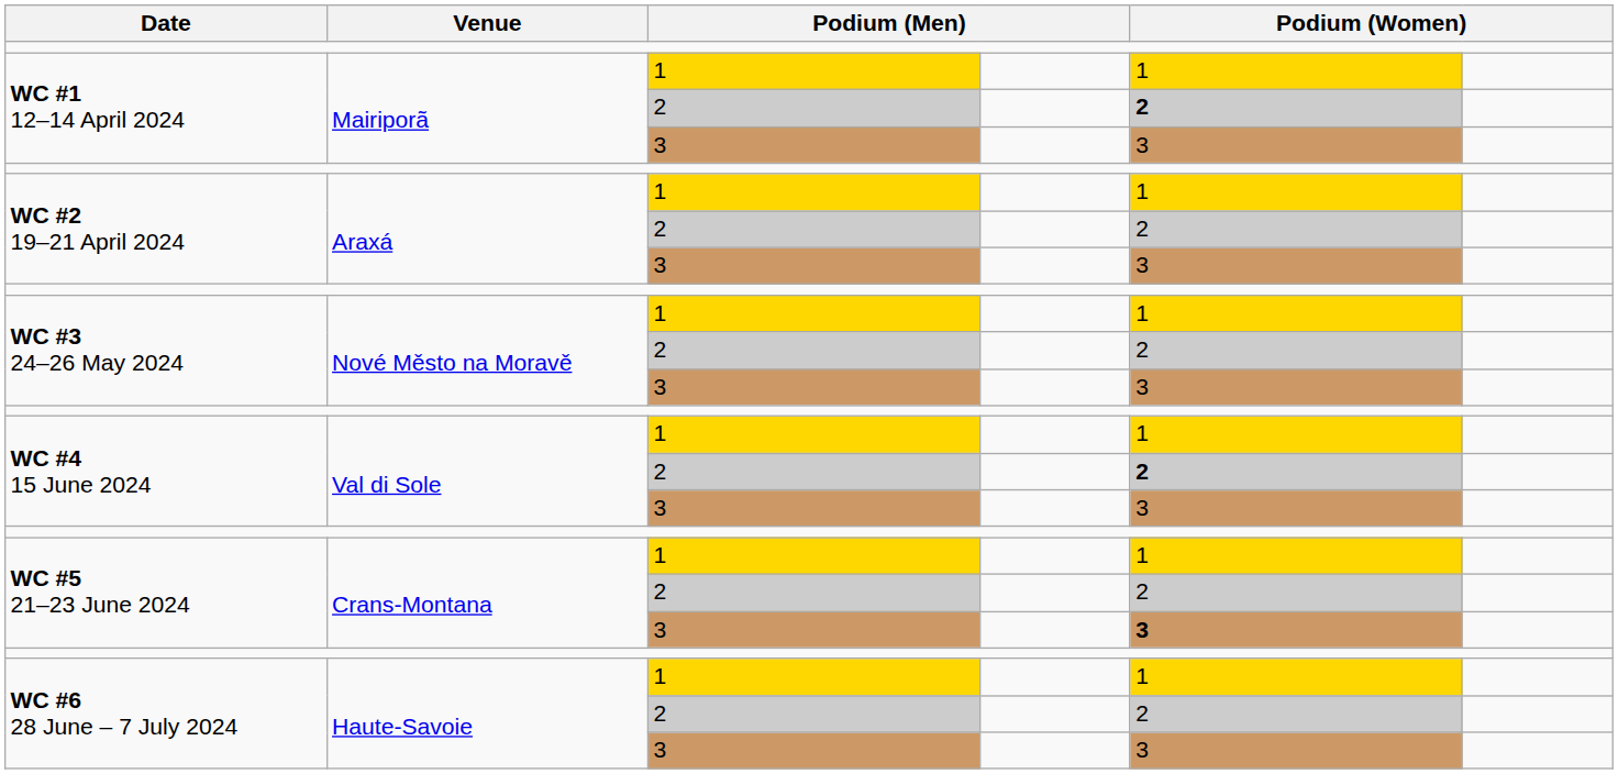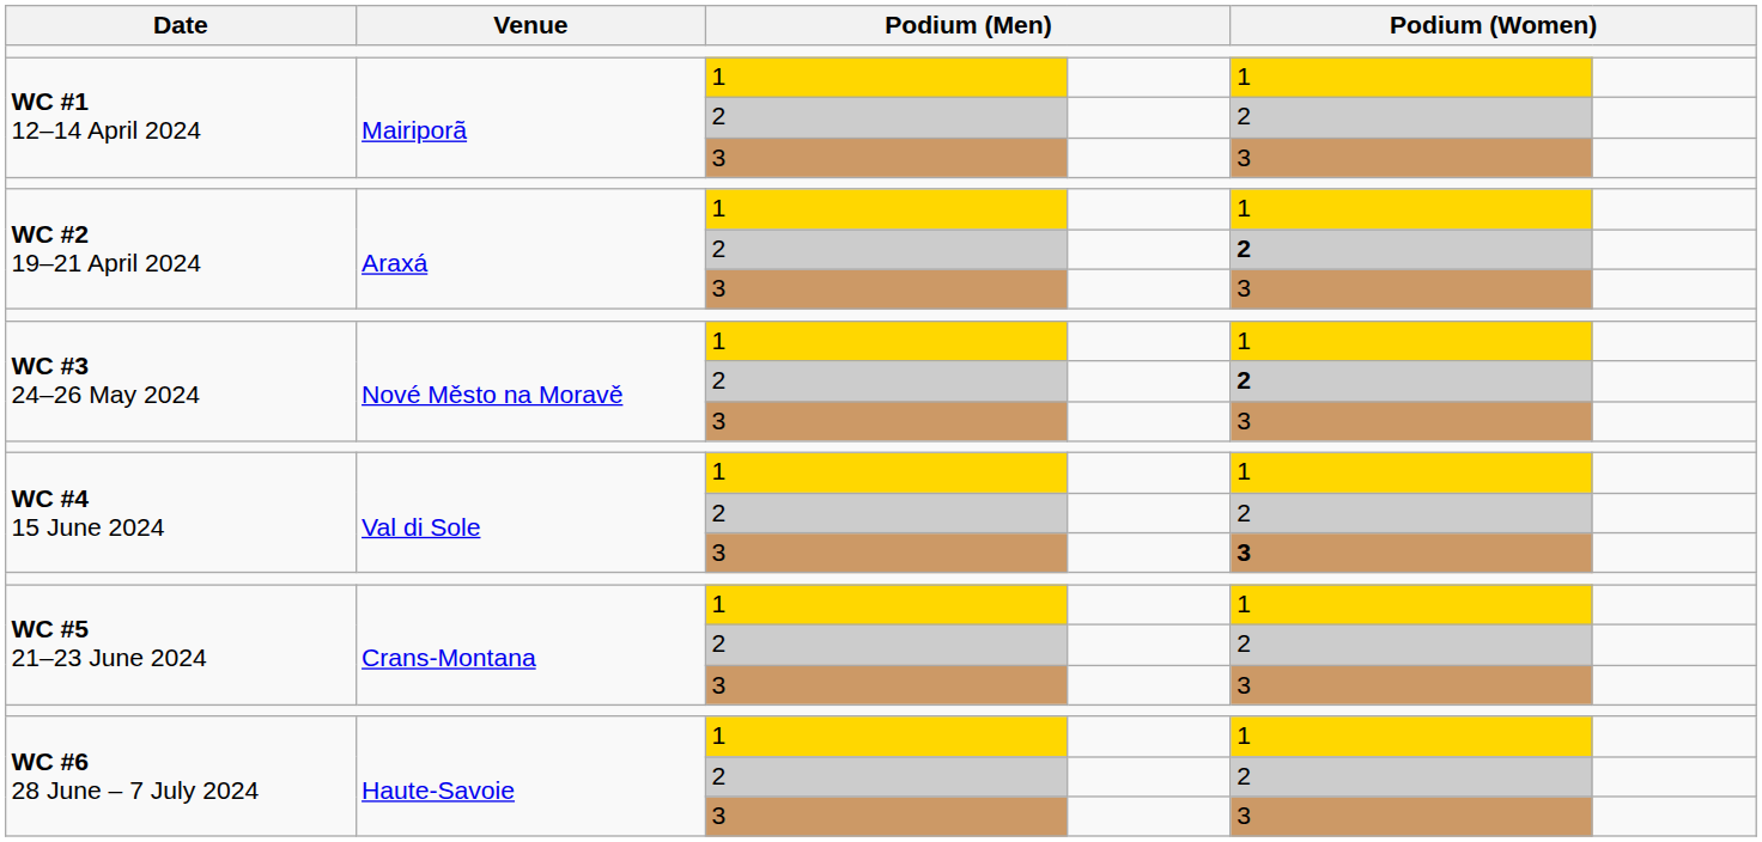 <table class="wikitable" width=70%>
 <tr>
 <th>Date</th>
 <th width=20%>Venue</th>
 <th colspan=2 width=30%>Podium (Men)</th>
 <th colspan=2 width=30%>Podium (Women)</th>
 </tr>
 <tr>
 <td colspan=6></td>
 </tr>
 <tr>
 <td rowspan=3><strong>WC #1</strong> <br> 12–14 April 2024</td>
 <td rowspan=3><br><a href='#'>Mairiporã</a></td>
 <td bgcolor=FFD700>1</td>
 <td></td>
 <td bgcolor=FFD700>1</td>
 <td></td>
 </tr>
 <tr>
 <td bgcolor=CCCCCC>2</td>
 <td></td>
-<td bgcolor=CCCCCC><strong>2</strong></td>
+<td bgcolor=CCCCCC>2</td>
 <td></td>
 </tr>
 <tr>
 <td bgcolor=CC9966>3</td>
 <td></td>
 <td bgcolor=CC9966>3</td>
 <td></td>
 </tr>
 <tr>
 <td colspan=6></td>
 </tr>
 <tr>
 <td rowspan=3><strong>WC #2</strong> <br> 19–21 April 2024</td>
 <td rowspan=3><br><a href='#'>Araxá</a></td>
 <td bgcolor=FFD700>1</td>
 <td></td>
 <td bgcolor=FFD700>1</td>
 <td></td>
 </tr>
 <tr>
 <td bgcolor=CCCCCC>2</td>
 <td></td>
-<td bgcolor=CCCCCC>2</td>
+<td bgcolor=CCCCCC><strong>2</strong></td>
 <td></td>
 </tr>
 <tr>
 <td bgcolor=CC9966>3</td>
 <td></td>
 <td bgcolor=CC9966>3</td>
 <td></td>
 </tr>
 <tr>
 <td colspan=6></td>
 </tr>
 <tr>
 <td rowspan=3><strong>WC #3</strong> <br> 24–26 May 2024</td>
 <td rowspan=3><br><a href='#'>Nové Město na Moravě</a></td>
 <td bgcolor=FFD700>1</td>
 <td></td>
 <td bgcolor=FFD700>1</td>
 <td></td>
 </tr>
 <tr>
 <td bgcolor=CCCCCC>2</td>
 <td></td>
-<td bgcolor=CCCCCC>2</td>
+<td bgcolor=CCCCCC><strong>2</strong></td>
 <td></td>
 </tr>
 <tr>
 <td bgcolor=CC9966>3</td>
 <td></td>
 <td bgcolor=CC9966>3</td>
 <td></td>
 </tr>
 <tr>
 <td colspan=6></td>
 </tr>
 <tr>
 <td rowspan=3><strong>WC #4</strong> <br> 15 June 2024</td>
 <td rowspan=3><br><a href='#'>Val di Sole</a></td>
 <td bgcolor=FFD700>1</td>
 <td></td>
 <td bgcolor=FFD700>1</td>
 <td></td>
 </tr>
 <tr>
 <td bgcolor=CCCCCC>2</td>
 <td></td>
-<td bgcolor=CCCCCC><strong>2</strong></td>
+<td bgcolor=CCCCCC>2</td>
 <td></td>
 </tr>
 <tr>
 <td bgcolor=CC9966>3</td>
 <td></td>
-<td bgcolor=CC9966>3</td>
+<td bgcolor=CC9966><strong>3</strong></td>
 <td></td>
 </tr>
 <tr>
 <td colspan=6></td>
 </tr>
 <tr>
 <td rowspan=3><strong>WC #5</strong> <br> 21–23 June 2024</td>
 <td rowspan=3><br><a href='#'>Crans-Montana</a></td>
 <td bgcolor=FFD700>1</td>
 <td></td>
 <td bgcolor=FFD700>1</td>
 <td></td>
 </tr>
 <tr>
 <td bgcolor=CCCCCC>2</td>
 <td></td>
 <td bgcolor=CCCCCC>2</td>
 <td></td>
 </tr>
 <tr>
 <td bgcolor=CC9966>3</td>
 <td></td>
-<td bgcolor=CC9966><strong>3</strong></td>
+<td bgcolor=CC9966>3</td>
 <td></td>
 </tr>
 <tr>
 <td colspan=6></td>
 </tr>
 <tr>
 <td rowspan=3><strong>WC #6</strong> <br> 28 June – 7 July 2024</td>
 <td rowspan=3><br><a href='#'>Haute-Savoie</a></td>
 <td bgcolor=FFD700>1</td>
 <td></td>
 <td bgcolor=FFD700>1</td>
 <td></td>
 </tr>
 <tr>
 <td bgcolor=CCCCCC>2</td>
 <td></td>
 <td bgcolor=CCCCCC>2</td>
 <td></td>
 </tr>
 <tr>
 <td bgcolor=CC9966>3</td>
 <td></td>
 <td bgcolor=CC9966>3</td>
 <td></td>
 </tr>
 </table>
